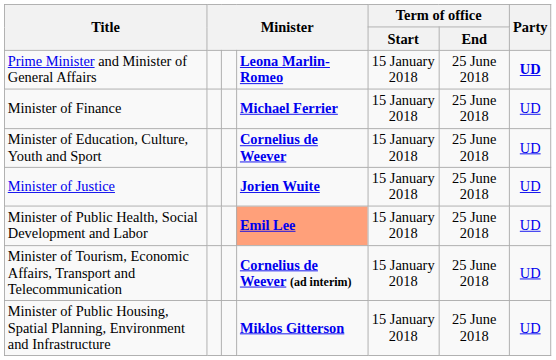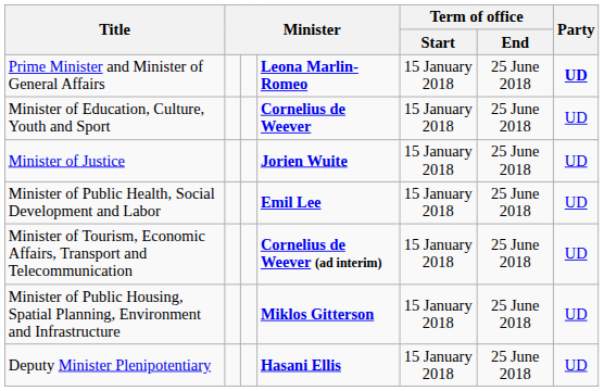 <table class="wikitable sortable" style="text-align:left">
 <tr>
 <th rowspan="2" width="37%">Title</th>
 <th colspan="3" rowspan="2">Minister</th>
 <th colspan="2">Term of office</th>
 <th rowspan="2" width="5%">Party</th>
 </tr>
 <tr>
 <th width="13%" data-sort-type=date>Start</th>
 <th width="13%" data-sort-type=date>End</th>
 </tr>
 <tr>
 <td><a href='#'>Prime Minister</a> and Minister of General Affairs</td>
 <td style="background:"></td>
 <td></td>
 <td width="24%"><strong><a href='#'>Leona Marlin-Romeo</a></strong></td>
 <td style="text-align:center">15 January 2018</td>
 <td style="text-align:center">25 June 2018</td>
 <td style="text-align:center"><strong><a href='#'>UD</a></strong></td>
-</tr>
-<tr>
-<td>Minister of Finance</td>
-<td style="background:"></td>
-<td></td>
-<td width="24%"><strong><a href='#'>Michael Ferrier</a></strong></td>
-<td style="text-align:center">15 January 2018</td>
-<td style="text-align:center">25 June 2018</td>
-<td style="text-align:center"><a href='#'>UD</a></td>
 </tr>
 <tr>
 <td>Minister of Education, Culture, Youth and Sport</td>
 <td style="background:"></td>
 <td></td>
 <td width="24%"><strong><a href='#'>Cornelius de Weever</a></strong></td>
 <td style="text-align:center">15 January 2018</td>
 <td style="text-align:center">25 June 2018</td>
 <td style="text-align:center"><a href='#'>UD</a></td>
 </tr>
 <tr>
 <td><a href='#'>Minister of Justice</a></td>
 <td style="background:"></td>
 <td></td>
 <td width="24%"><strong><a href='#'>Jorien Wuite</a></strong></td>
 <td style="text-align:center">15 January 2018</td>
 <td style="text-align:center">25 June 2018</td>
 <td style="text-align:center"><a href='#'>UD</a></td>
 </tr>
 <tr>
 <td>Minister of Public Health, Social Development and Labor</td>
 <td style="background:"></td>
 <td></td>
-<td width="24%" style="background: lightsalmon;"><strong><a href='#'>Emil Lee</a></strong></td>
+<td width="24%"><strong><a href='#'>Emil Lee</a></strong></td>
 <td style="text-align:center">15 January 2018</td>
 <td style="text-align:center">25 June 2018</td>
 <td style="text-align:center"><a href='#'>UD</a></td>
 </tr>
 <tr>
 <td>Minister of Tourism, Economic Affairs, Transport and Telecommunication</td>
 <td style="background:"></td>
 <td></td>
 <td width="24%"><strong><a href='#'>Cornelius de Weever</a></strong> <small><strong>(ad interim)</strong></small></td>
 <td style="text-align:center">15 January 2018</td>
 <td style="text-align:center">25 June 2018</td>
 <td style="text-align:center"><a href='#'>UD</a></td>
 </tr>
 <tr>
 <td>Minister of Public Housing, Spatial Planning, Environment and Infrastructure</td>
 <td style="background:"></td>
 <td></td>
 <td width="24%"><strong><a href='#'>Miklos Gitterson</a></strong></td>
 <td style="text-align:center">15 January 2018</td>
 <td style="text-align:center">25 June 2018</td>
 <td style="text-align:center"><a href='#'>UD</a></td>
 </tr>
+<tr>
+<td>Deputy <a href='#'>Minister Plenipotentiary</a></td>
+<td style="background:"></td>
+<td></td>
+<td width="24%"><strong><a href='#'>Hasani Ellis</a></strong></td>
+<td style="text-align:center">15 January 2018</td>
+<td style="text-align:center">25 June 2018</td>
+<td style="text-align:center"><a href='#'>UD</a></td>
+</tr>
 </table>
